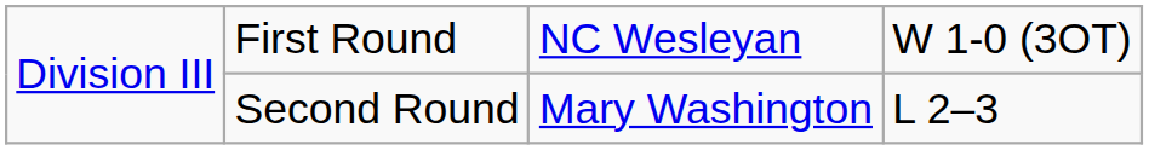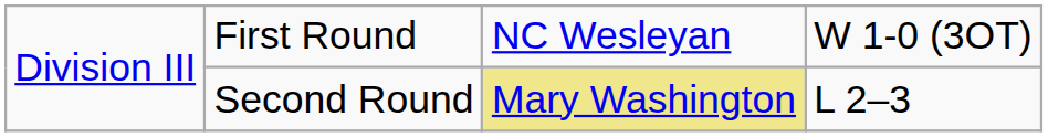 <table class="wikitable">
 <tr>
 <td rowspan="2"><a href='#'>Division III</a></td>
 <td>First Round</td>
 <td><a href='#'>NC Wesleyan</a></td>
 <td>W 1-0 (3OT)</td>
 </tr>
 <tr>
 <td>Second Round</td>
-<td><a href='#'>Mary Washington</a></td>
+<td style="background: khaki;"><a href='#'>Mary Washington</a></td>
 <td>L 2–3</td>
 </tr>
 </table>
